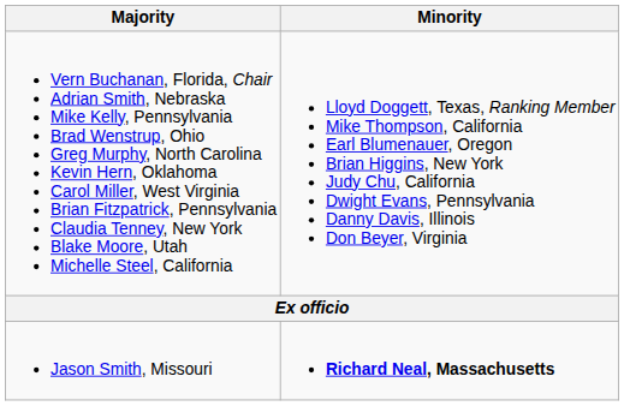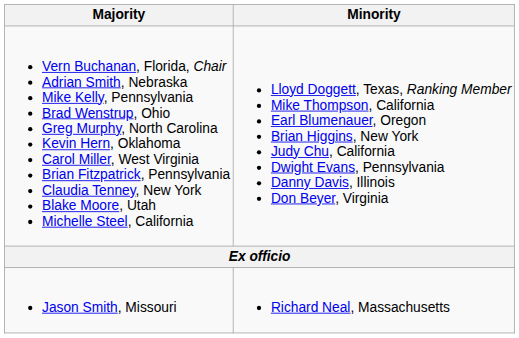 <table class=wikitable>
 <tr>
 <th>Majority</th>
 <th>Minority</th>
 </tr>
 <tr>
 <td><br><ul><li><a href='#'>Vern Buchanan</a>, Florida, <em>Chair</em></li><li><a href='#'>Adrian Smith</a>, Nebraska</li><li><a href='#'>Mike Kelly</a>, Pennsylvania</li><li><a href='#'>Brad Wenstrup</a>, Ohio</li><li><a href='#'>Greg Murphy</a>, North Carolina</li><li><a href='#'>Kevin Hern</a>, Oklahoma</li><li><a href='#'>Carol Miller</a>, West Virginia</li><li><a href='#'>Brian Fitzpatrick</a>, Pennsylvania</li><li><a href='#'>Claudia Tenney</a>, New York</li><li><a href='#'>Blake Moore</a>, Utah</li><li><a href='#'>Michelle Steel</a>, California</li></ul></td>
 <td><br><ul><li><a href='#'>Lloyd Doggett</a>, Texas, <em>Ranking Member</em></li><li><a href='#'>Mike Thompson</a>, California</li><li><a href='#'>Earl Blumenauer</a>, Oregon</li><li><a href='#'>Brian Higgins</a>, New York</li><li><a href='#'>Judy Chu</a>, California</li><li><a href='#'>Dwight Evans</a>, Pennsylvania</li><li><a href='#'>Danny Davis</a>, Illinois</li><li><a href='#'>Don Beyer</a>, Virginia</li></ul></td>
 </tr>
 <tr>
 <th colspan=2><em>Ex officio</em></th>
 </tr>
 <tr>
 <td><br><ul><li><a href='#'>Jason Smith</a>, Missouri</li></ul></td>
-<td><strong><br><ul><li><a href='#'>Richard Neal</a>, Massachusetts</li></ul></strong></td>
+<td><br><ul><li><a href='#'>Richard Neal</a>, Massachusetts</li></ul></td>
 </tr>
 </table>
